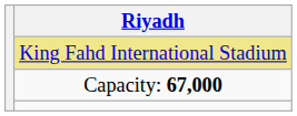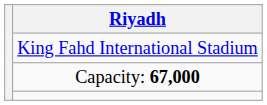 <table class="wikitable" style="text-align:center">
 <tr>
 <th rowspan="4"></th>
 <th><a href='#'>Riyadh</a></th>
 </tr>
 <tr>
-<td style="background: khaki;"><a href='#'>King Fahd International Stadium</a></td>
+<td><a href='#'>King Fahd International Stadium</a></td>
 </tr>
 <tr>
 <td>Capacity: <strong>67,000</strong></td>
 </tr>
 <tr>
 <td></td>
 </tr>
 </table>
